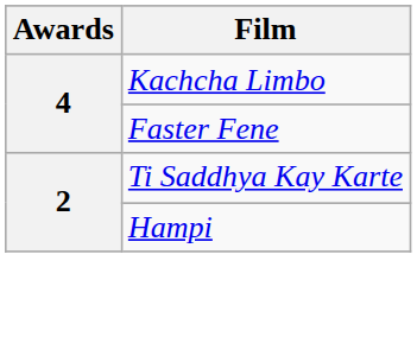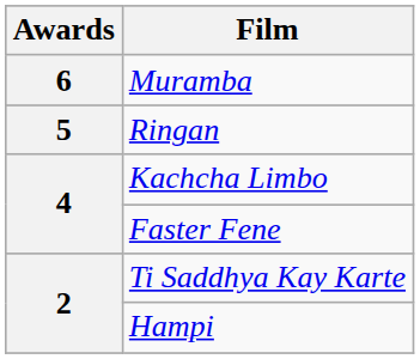 <table class="wikitable" style="display:inline-table;">
 <tr>
 <th>Awards</th>
 <th>Film</th>
+</tr>
+<tr>
+<th>6</th>
+<td><em><a href='#'>Muramba</a></em></td>
+</tr>
+<tr>
+<th>5</th>
+<td><em><a href='#'>Ringan</a></em></td>
 </tr>
 <tr>
 <th rowspan="2">4</th>
 <td><a href='#'><em>Kachcha Limbo</em></a></td>
 </tr>
 <tr>
 <td><em><a href='#'>Faster Fene</a></em></td>
 </tr>
 <tr>
 <th rowspan="2">2</th>
 <td><em><a href='#'>Ti Saddhya Kay Karte</a></em></td>
 </tr>
 <tr>
 <td><em><a href='#'>Hampi</a></em></td>
 </tr>
 </table>
